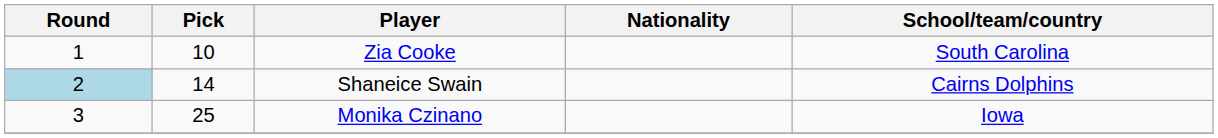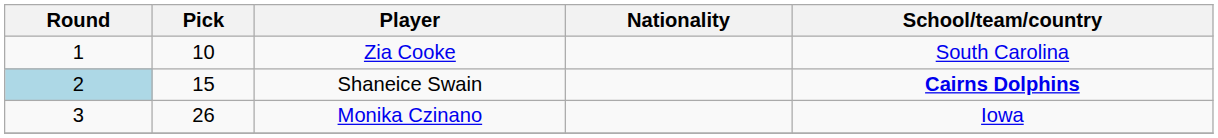 <table class="wikitable" style="text-align:center; width:60em">
 <tr>
 <th>Round</th>
 <th>Pick</th>
 <th>Player</th>
 <th>Nationality</th>
 <th>School/team/country</th>
 </tr>
 <tr>
 <td>1</td>
 <td>10</td>
 <td><a href='#'>Zia Cooke</a></td>
 <td></td>
 <td><a href='#'>South Carolina</a></td>
 </tr>
 <tr>
 <td style="background: lightblue;">2</td>
-<td>14</td>
+<td>15</td>
 <td>Shaneice Swain</td>
 <td></td>
-<td><a href='#'>Cairns Dolphins</a></td>
+<td><strong><a href='#'>Cairns Dolphins</a></strong></td>
 </tr>
 <tr>
 <td>3</td>
-<td>25</td>
+<td>26</td>
 <td><a href='#'>Monika Czinano</a></td>
 <td></td>
 <td><a href='#'>Iowa</a></td>
 </tr>
 <tr>
 </tr>
 </table>
